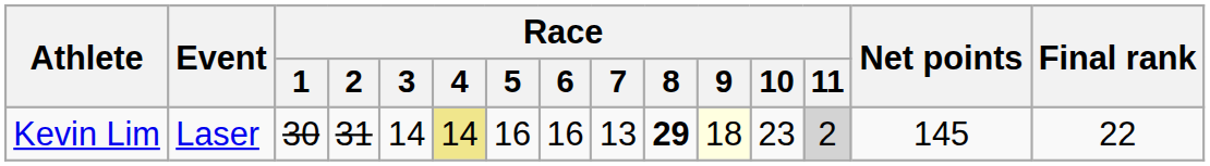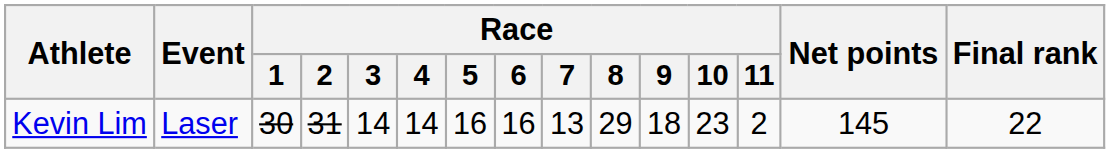 <table class="wikitable" style="font-size:90%;">
 <tr>
 <th rowspan=2>Athlete</th>
 <th rowspan=2>Event</th>
 <th colspan=11>Race</th>
 <th rowspan=2>Net points</th>
 <th rowspan=2>Final rank</th>
 </tr>
 <tr style="font-size:95%">
 <th>1</th>
 <th>2</th>
 <th>3</th>
 <th>4</th>
 <th>5</th>
 <th>6</th>
 <th>7</th>
 <th>8</th>
 <th>9</th>
 <th>10</th>
 <th>11</th>
 </tr>
 <tr align=center>
 <td align=left><a href='#'>Kevin Lim</a></td>
 <td align=left><a href='#'>Laser</a></td>
 <td><s>30</s></td>
 <td><s>31</s></td>
 <td>14</td>
-<td style="background: khaki;">14</td>
+<td>14</td>
 <td>16</td>
 <td>16</td>
 <td>13</td>
-<td><strong>29</strong></td>
-<td style="background: lightyellow;">18</td>
+<td>29</td>
+<td>18</td>
 <td>23</td>
-<td style="background: lightgrey;">2</td>
+<td>2</td>
 <td>145</td>
 <td>22</td>
 </tr>
 </table>
